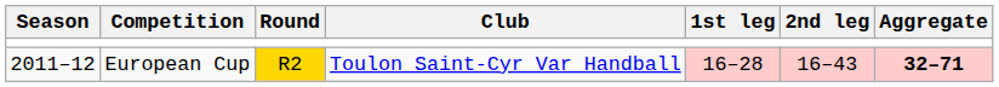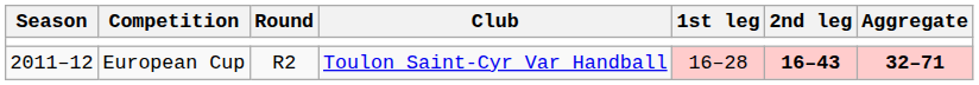 <table class="wikitable">
 <tr>
 <th>Season</th>
 <th>Competition</th>
 <th>Round</th>
 <th>Club</th>
 <th>1st leg</th>
 <th>2nd leg</th>
 <th>Aggregate</th>
 </tr>
 <tr>
 <td colspan="7" bgcolor=white></td>
 </tr>
 <tr>
 <td>2011–12</td>
 <td>European Cup</td>
-<td style="background: gold; text-align:center;">R2</td>
+<td style="text-align:center;">R2</td>
 <td> <a href='#'>Toulon Saint-Cyr Var Handball</a></td>
 <td style="text-align:center; "bgcolor="#ffcccc">16–28</td>
-<td style="text-align:center; "bgcolor="#ffcccc">16–43</td>
+<td style="text-align:center; "bgcolor="#ffcccc"><strong>16–43</strong></td>
 <td style="text-align:center; "bgcolor="#ffcccc"><strong>32–71</strong></td>
 </tr>
 </table>
